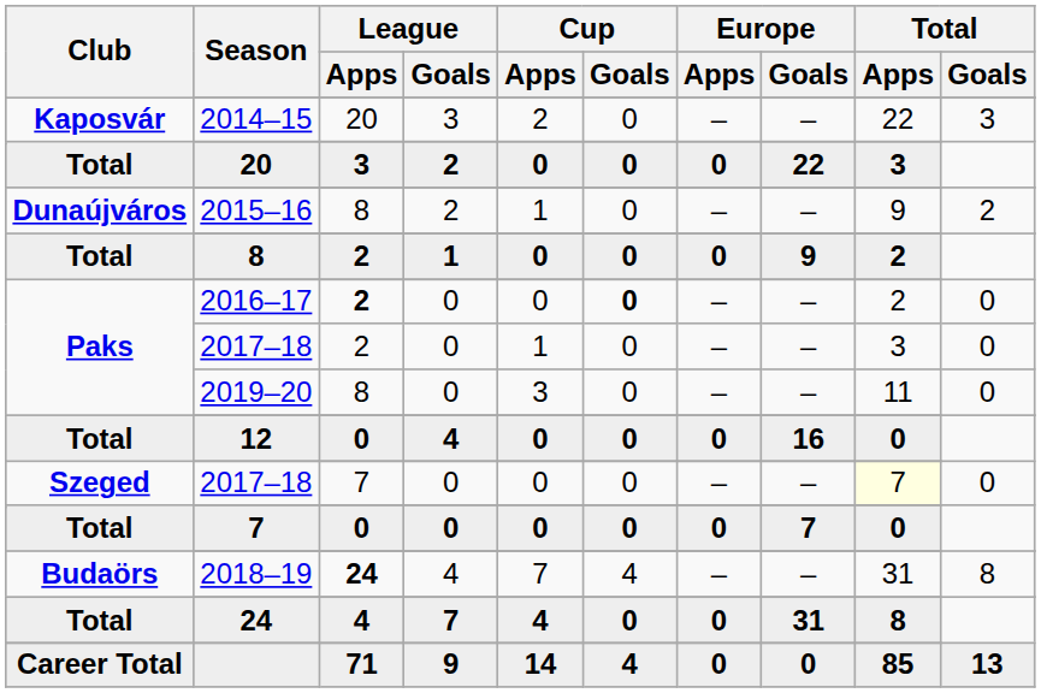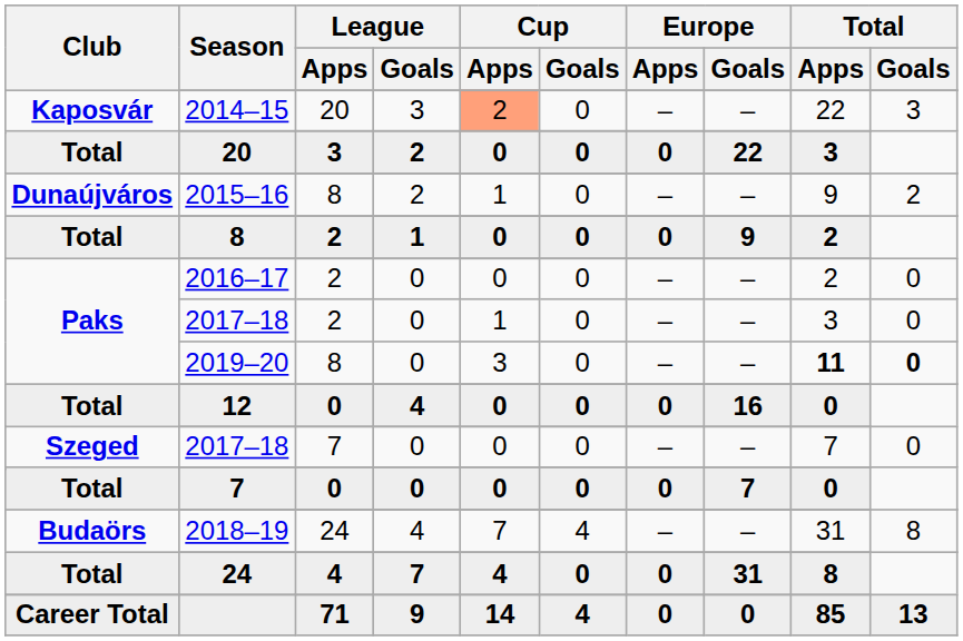 <table class="wikitable" style="font-size:90%; text-align: center;">
 <tr>
 <th rowspan="2">Club</th>
 <th rowspan="2">Season</th>
 <th colspan="2">League</th>
 <th colspan="2">Cup</th>
 <th colspan="2">Europe</th>
 <th colspan="2">Total</th>
 </tr>
 <tr>
 <th>Apps</th>
 <th>Goals</th>
 <th>Apps</th>
 <th>Goals</th>
 <th>Apps</th>
 <th>Goals</th>
 <th>Apps</th>
 <th>Goals</th>
 </tr>
 <tr ||-||-||-|->
 <td rowspan="3" valign="center"><strong><a href='#'>Kaposvár</a></strong></td>
 </tr>
 <tr>
 <td><a href='#'>2014–15</a></td>
 <td>20</td>
 <td>3</td>
-<td>2</td>
+<td style="background: lightsalmon;">2</td>
 <td>0</td>
 <td>–</td>
 <td>–</td>
 <td>22</td>
 <td>3</td>
 </tr>
 <tr>
 </tr>
 <tr style="font-weight:bold; background-color:#eeeeee;">
 <td>Total</td>
 <td>20</td>
 <td>3</td>
 <td>2</td>
 <td>0</td>
 <td>0</td>
 <td>0</td>
 <td>22</td>
 <td>3</td>
 </tr>
 <tr>
 <td rowspan="3" valign="center"><strong><a href='#'>Dunaújváros</a></strong></td>
 </tr>
 <tr>
 <td><a href='#'>2015–16</a></td>
 <td>8</td>
 <td>2</td>
 <td>1</td>
 <td>0</td>
 <td>–</td>
 <td>–</td>
 <td>9</td>
 <td>2</td>
 </tr>
 <tr>
 </tr>
 <tr style="font-weight:bold; background-color:#eeeeee;">
 <td>Total</td>
 <td>8</td>
 <td>2</td>
 <td>1</td>
 <td>0</td>
 <td>0</td>
 <td>0</td>
 <td>9</td>
 <td>2</td>
 </tr>
 <tr>
 <td rowspan="5" valign="center"><strong><a href='#'>Paks</a></strong></td>
 </tr>
 <tr>
 <td><a href='#'>2016–17</a></td>
-<td><strong>2</strong></td>
+<td>2</td>
 <td>0</td>
 <td>0</td>
-<td><strong>0</strong></td>
+<td>0</td>
 <td>–</td>
 <td>–</td>
 <td>2</td>
 <td>0</td>
 </tr>
 <tr>
 <td><a href='#'>2017–18</a></td>
 <td>2</td>
 <td>0</td>
 <td>1</td>
 <td>0</td>
 <td>–</td>
 <td>–</td>
 <td>3</td>
 <td>0</td>
 </tr>
 <tr>
 <td><a href='#'>2019–20</a></td>
 <td>8</td>
 <td>0</td>
 <td>3</td>
 <td>0</td>
 <td>–</td>
 <td>–</td>
-<td>11</td>
-<td>0</td>
+<td><strong>11</strong></td>
+<td><strong>0</strong></td>
 </tr>
 <tr>
 </tr>
 <tr style="font-weight:bold; background-color:#eeeeee;">
 <td>Total</td>
 <td>12</td>
 <td>0</td>
 <td>4</td>
 <td>0</td>
 <td>0</td>
 <td>0</td>
 <td>16</td>
 <td>0</td>
 </tr>
 <tr>
 <td rowspan="3" valign="center"><strong><a href='#'>Szeged</a></strong></td>
 </tr>
 <tr>
 <td><a href='#'>2017–18</a></td>
 <td>7</td>
 <td>0</td>
 <td>0</td>
 <td>0</td>
 <td>–</td>
 <td>–</td>
-<td style="background: lightyellow;">7</td>
+<td>7</td>
 <td>0</td>
 </tr>
 <tr>
 </tr>
 <tr style="font-weight:bold; background-color:#eeeeee;">
 <td>Total</td>
 <td>7</td>
 <td>0</td>
 <td>0</td>
 <td>0</td>
 <td>0</td>
 <td>0</td>
 <td>7</td>
 <td>0</td>
 </tr>
 <tr>
 <td rowspan="3" valign="center"><strong><a href='#'>Budaörs</a></strong></td>
 </tr>
 <tr>
 <td><a href='#'>2018–19</a></td>
-<td><strong>24</strong></td>
+<td>24</td>
 <td>4</td>
 <td>7</td>
 <td>4</td>
 <td>–</td>
 <td>–</td>
 <td>31</td>
 <td>8</td>
 </tr>
 <tr>
 </tr>
 <tr style="font-weight:bold; background-color:#eeeeee;">
 <td>Total</td>
 <td>24</td>
 <td>4</td>
 <td>7</td>
 <td>4</td>
 <td>0</td>
 <td>0</td>
 <td>31</td>
 <td>8</td>
 </tr>
 <tr>
 </tr>
 <tr style="font-weight:bold; background-color:#eeeeee;">
 <td rowspan="1" valign="top"><strong>Career Total</strong></td>
 <td></td>
 <td><strong>71</strong></td>
 <td><strong>9</strong></td>
 <td><strong>14</strong></td>
 <td><strong>4</strong></td>
 <td><strong>0</strong></td>
 <td><strong>0</strong></td>
 <td><strong>85</strong></td>
 <td><strong>13</strong></td>
 </tr>
 </table>
